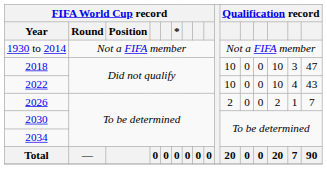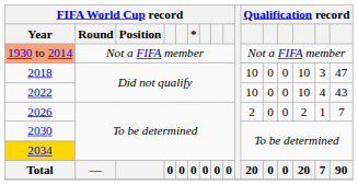 <table class="wikitable" style="text-align: center;">
 <tr>
 <th colspan=9><a href='#'>FIFA World Cup</a> record</th>
 <th rowspan=9></th>
 <th colspan=6><a href='#'>Qualification</a> record</th>
 </tr>
 <tr>
 <th>Year</th>
 <th>Round</th>
 <th>Position</th>
 <th></th>
 <th></th>
 <th>*</th>
 <th></th>
 <th></th>
 <th></th>
 <th></th>
 <th></th>
 <th></th>
 <th></th>
 <th></th>
 <th></th>
 </tr>
 <tr>
-<td><a href='#'>1930</a> to <a href='#'>2014</a></td>
+<td style="background: lightsalmon;"><a href='#'>1930</a> to <a href='#'>2014</a></td>
 <td colspan=8><em>Not a <a href='#'>FIFA</a> member</em></td>
 <td colspan="6"><em>Not a <a href='#'>FIFA</a> member</em></td>
 </tr>
 <tr>
 <td> <a href='#'>2018</a></td>
 <td colspan=8 rowspan="2"><em>Did not qualify</em></td>
 <td>10</td>
 <td>0</td>
 <td>0</td>
 <td>10</td>
 <td>3</td>
 <td>47</td>
 </tr>
 <tr>
 <td> <a href='#'>2022</a></td>
 <td>10</td>
 <td>0</td>
 <td>0</td>
 <td>10</td>
 <td>4</td>
 <td>43</td>
 </tr>
 <tr>
 <td>   <a href='#'>2026</a></td>
 <td colspan=8 rowspan=3><em>To be determined</em></td>
 <td>2</td>
 <td>0</td>
 <td>0</td>
 <td>2</td>
 <td>1</td>
 <td>7</td>
 </tr>
 <tr>
 <td>   <a href='#'>2030</a></td>
 <td colspan=6 rowspan=2><em>To be determined</em></td>
 </tr>
 <tr>
-<td> <a href='#'>2034</a></td>
+<td style="background: gold;"> <a href='#'>2034</a></td>
 </tr>
 <tr>
 <th>Total</th>
 <th>—</th>
 <th></th>
 <th>0</th>
 <th>0</th>
 <th>0</th>
 <th>0</th>
 <th>0</th>
 <th>0</th>
 <th>20</th>
 <th>0</th>
 <th>0</th>
 <th>20</th>
 <th>7</th>
 <th>90</th>
 </tr>
 <tr>
 </tr>
 </table>
